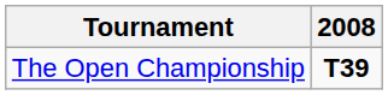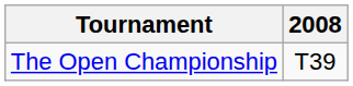 <table class="wikitable" style="font-size:95%;text-align:center;">
 <tr>
 <th>Tournament</th>
 <th>2008</th>
 </tr>
 <tr>
 <td align=left><a href='#'>The Open Championship</a></td>
-<td><strong>T39</strong></td>
+<td>T39</td>
 </tr>
 </table>
